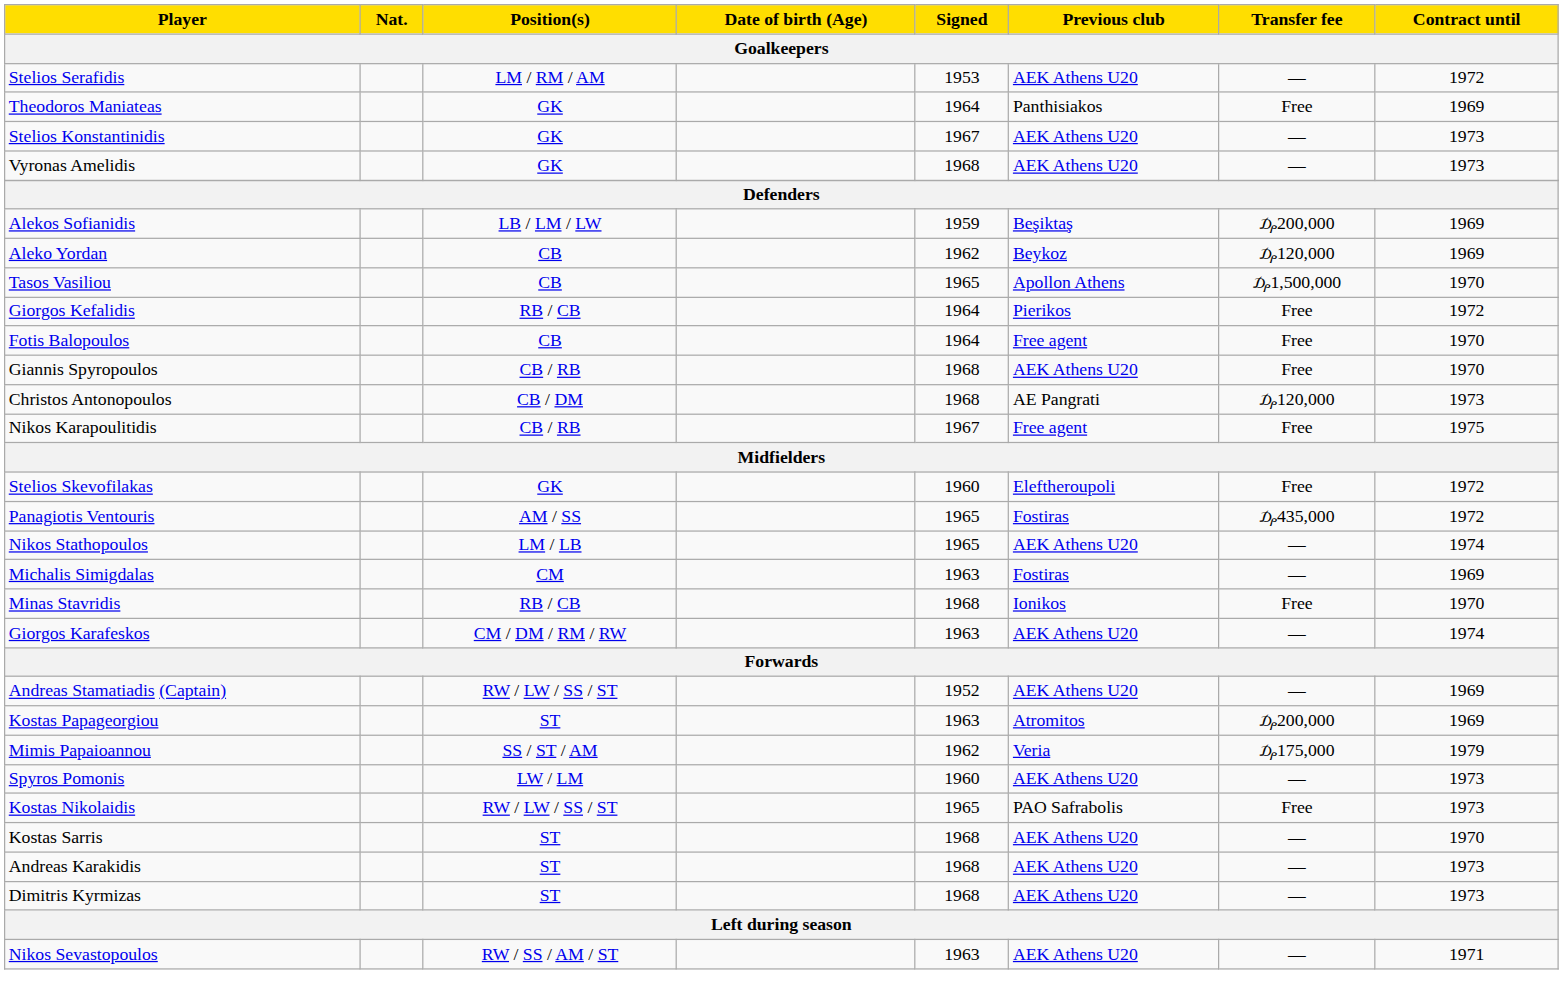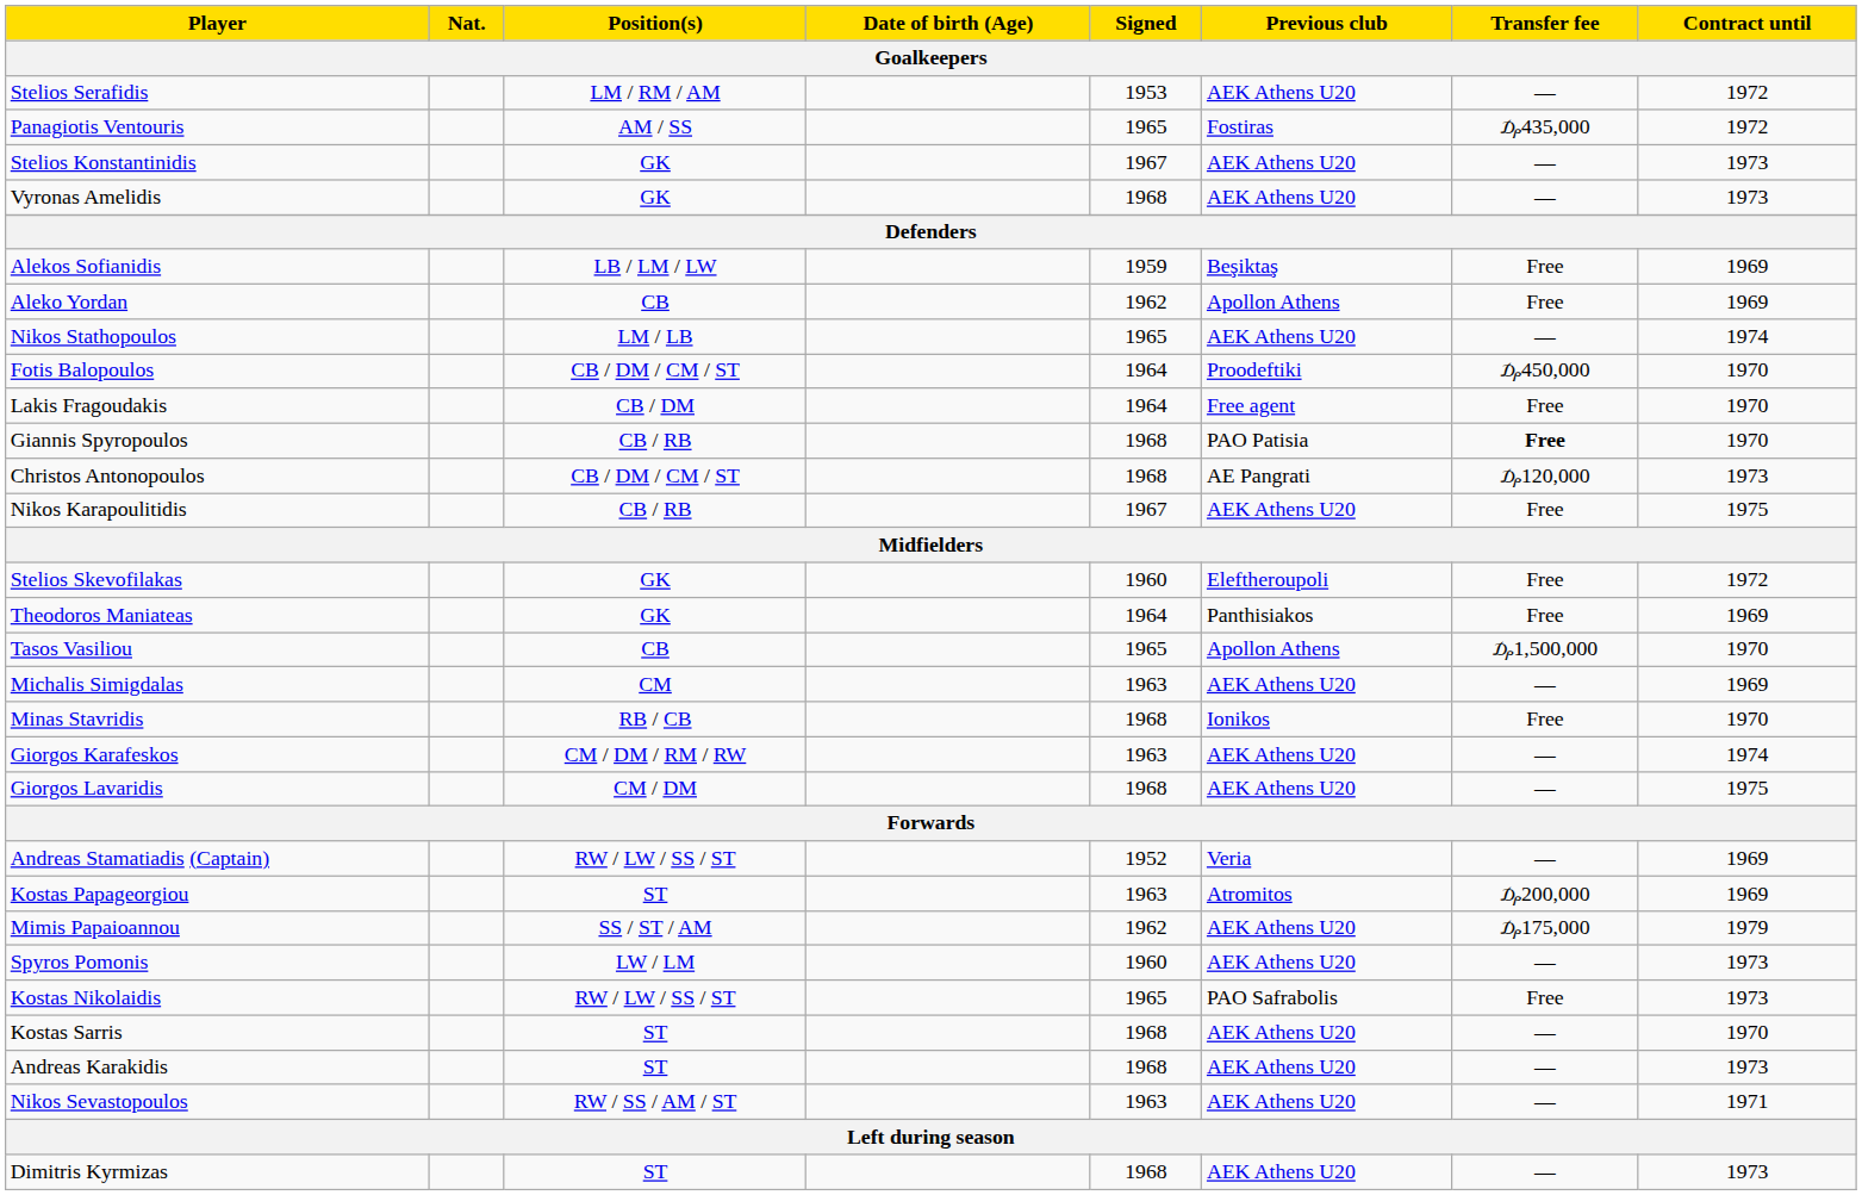 <table class="wikitable" style="text-align:center; font-size:90%;width:100%;">
 <tr>
 <th style="background:#FFDE00">Player</th>
 <th style="background:#FFDE00">Nat.</th>
 <th style="background:#FFDE00">Position(s)</th>
 <th style="background:#FFDE00">Date of birth (Age)</th>
 <th style="background:#FFDE00">Signed</th>
 <th style="background:#FFDE00">Previous club</th>
 <th style="background:#FFDE00">Transfer fee</th>
 <th style="background:#FFDE00">Contract until</th>
 </tr>
 <tr>
 <th colspan="8">Goalkeepers</th>
 </tr>
 <tr>
 <td align=left><a href='#'>Stelios Serafidis</a></td>
 <td></td>
 <td><a href='#'>LM</a> / <a href='#'>RM</a> / <a href='#'>AM</a></td>
 <td></td>
 <td>1953</td>
 <td align=left> <a href='#'>AEK Athens U20</a></td>
 <td>—</td>
 <td>1972</td>
 </tr>
 <tr>
-<td align=left><a href='#'>Theodoros Maniateas</a></td>
+<td align=left><a href='#'>Panagiotis Ventouris</a></td>
 <td></td>
-<td><a href='#'>GK</a></td>
+<td><a href='#'>AM</a> / <a href='#'>SS</a></td>
 <td></td>
-<td>1964</td>
-<td align=left> Panthisiakos</td>
-<td>Free</td>
-<td>1969</td>
+<td>1965</td>
+<td align=left> <a href='#'>Fostiras</a></td>
+<td>₯435,000</td>
+<td>1972</td>
 </tr>
 <tr>
 <td align=left><a href='#'>Stelios Konstantinidis</a></td>
 <td></td>
 <td><a href='#'>GK</a></td>
 <td></td>
 <td>1967</td>
 <td align=left> <a href='#'>AEK Athens U20</a></td>
 <td>—</td>
 <td>1973</td>
 </tr>
 <tr>
 <td align=left>Vyronas Amelidis</td>
 <td></td>
 <td><a href='#'>GK</a></td>
 <td></td>
 <td>1968</td>
 <td align=left> <a href='#'>AEK Athens U20</a></td>
 <td>—</td>
 <td>1973</td>
 </tr>
 <tr>
 </tr>
 <tr>
 <th colspan="8">Defenders</th>
 </tr>
 <tr>
 <td align=left><a href='#'>Alekos Sofianidis</a></td>
 <td></td>
 <td><a href='#'>LB</a> / <a href='#'>LM</a> / <a href='#'>LW</a></td>
 <td></td>
 <td>1959</td>
 <td align=left> <a href='#'>Beşiktaş</a></td>
-<td>₯200,000</td>
+<td>Free</td>
 <td>1969</td>
 </tr>
 <tr>
 <td align=left><a href='#'>Aleko Yordan</a></td>
 <td></td>
 <td><a href='#'>CB</a></td>
 <td></td>
 <td>1962</td>
-<td align=left> <a href='#'>Beykoz</a></td>
-<td>₯120,000</td>
+<td align=left> <a href='#'>Apollon Athens</a></td>
+<td>Free</td>
 <td>1969</td>
 </tr>
 <tr>
-<td align=left><a href='#'>Tasos Vasiliou</a></td>
+<td align=left><a href='#'>Nikos Stathopoulos</a></td>
 <td></td>
-<td><a href='#'>CB</a></td>
+<td><a href='#'>LM</a> / <a href='#'>LB</a></td>
 <td></td>
 <td>1965</td>
-<td align=left> <a href='#'>Apollon Athens</a></td>
-<td>₯1,500,000</td>
-<td>1970</td>
-</tr>
-<tr>
-<td align=left><a href='#'>Giorgos Kefalidis</a></td>
-<td></td>
-<td><a href='#'>RB</a> / <a href='#'>CB</a></td>
-<td></td>
-<td>1964</td>
-<td align=left> <a href='#'>Pierikos</a></td>
-<td>Free</td>
-<td>1972</td>
+<td align=left> <a href='#'>AEK Athens U20</a></td>
+<td>—</td>
+<td>1974</td>
 </tr>
 <tr>
 <td align=left><a href='#'>Fotis Balopoulos</a></td>
 <td></td>
-<td><a href='#'>CB</a></td>
+<td><a href='#'>CB</a> / <a href='#'>DM</a> / <a href='#'>CM</a> / <a href='#'>ST</a></td>
+<td></td>
+<td>1964</td>
+<td align=left> <a href='#'>Proodeftiki</a></td>
+<td>₯450,000</td>
+<td>1970</td>
+</tr>
+<tr>
+<td align=left>Lakis Fragoudakis</td>
+<td></td>
+<td><a href='#'>CB</a> / <a href='#'>DM</a></td>
 <td></td>
 <td>1964</td>
 <td align=left><a href='#'>Free agent</a></td>
 <td>Free</td>
 <td>1970</td>
 </tr>
 <tr>
 <td align=left>Giannis Spyropoulos</td>
 <td></td>
 <td><a href='#'>CB</a> / <a href='#'>RB</a></td>
 <td></td>
 <td>1968</td>
-<td align=left> <a href='#'>AEK Athens U20</a></td>
-<td>Free</td>
+<td align=left> PAO Patisia</td>
+<td><strong>Free</strong></td>
 <td>1970</td>
 </tr>
 <tr>
 <td align=left>Christos Antonopoulos</td>
 <td></td>
-<td><a href='#'>CB</a> / <a href='#'>DM</a></td>
+<td><a href='#'>CB</a> / <a href='#'>DM</a> / <a href='#'>CM</a> / <a href='#'>ST</a></td>
 <td></td>
 <td>1968</td>
 <td align=left> AE Pangrati</td>
 <td>₯120,000</td>
 <td>1973</td>
 </tr>
 <tr>
 <td align=left>Nikos Karapoulitidis</td>
 <td></td>
 <td><a href='#'>CB</a> / <a href='#'>RB</a></td>
 <td></td>
 <td>1967</td>
-<td align=left><a href='#'>Free agent</a></td>
+<td align=left> <a href='#'>AEK Athens U20</a></td>
 <td>Free</td>
 <td>1975</td>
 </tr>
 <tr>
 <th colspan="8">Midfielders</th>
 </tr>
 <tr>
 <td align=left><a href='#'>Stelios Skevofilakas</a></td>
 <td></td>
 <td><a href='#'>GK</a></td>
 <td></td>
 <td>1960</td>
 <td align=left> <a href='#'>Eleftheroupoli</a></td>
 <td>Free</td>
 <td>1972</td>
 </tr>
 <tr>
-<td align=left><a href='#'>Panagiotis Ventouris</a></td>
+<td align=left><a href='#'>Theodoros Maniateas</a></td>
 <td></td>
-<td><a href='#'>AM</a> / <a href='#'>SS</a></td>
+<td><a href='#'>GK</a></td>
+<td></td>
+<td>1964</td>
+<td align=left> Panthisiakos</td>
+<td>Free</td>
+<td>1969</td>
+</tr>
+<tr>
+<td align=left><a href='#'>Tasos Vasiliou</a></td>
+<td></td>
+<td><a href='#'>CB</a></td>
 <td></td>
 <td>1965</td>
-<td align=left> <a href='#'>Fostiras</a></td>
-<td>₯435,000</td>
-<td>1972</td>
-</tr>
-<tr>
-<td align=left><a href='#'>Nikos Stathopoulos</a></td>
-<td></td>
-<td><a href='#'>LM</a> / <a href='#'>LB</a></td>
-<td></td>
-<td>1965</td>
-<td align=left> <a href='#'>AEK Athens U20</a></td>
-<td>—</td>
-<td>1974</td>
+<td align=left> <a href='#'>Apollon Athens</a></td>
+<td>₯1,500,000</td>
+<td>1970</td>
 </tr>
 <tr>
 <td align=left><a href='#'>Michalis Simigdalas</a></td>
 <td></td>
 <td><a href='#'>CM</a></td>
 <td></td>
 <td>1963</td>
-<td align=left> <a href='#'>Fostiras</a></td>
+<td align=left> <a href='#'>AEK Athens U20</a></td>
 <td>—</td>
 <td>1969</td>
 </tr>
 <tr>
 <td align=left><a href='#'>Minas Stavridis</a></td>
 <td></td>
 <td><a href='#'>RB</a> / <a href='#'>CB</a></td>
 <td></td>
 <td>1968</td>
 <td align=left> <a href='#'>Ionikos</a></td>
 <td>Free</td>
 <td>1970</td>
 </tr>
 <tr>
 <td align=left><a href='#'>Giorgos Karafeskos</a></td>
 <td></td>
 <td><a href='#'>CM</a> / <a href='#'>DM</a> / <a href='#'>RM</a> / <a href='#'>RW</a></td>
 <td></td>
 <td>1963</td>
 <td align=left> <a href='#'>AEK Athens U20</a></td>
 <td>—</td>
 <td>1974</td>
 </tr>
 <tr>
+<td align=left><a href='#'>Giorgos Lavaridis</a></td>
+<td></td>
+<td><a href='#'>CM</a> / <a href='#'>DM</a></td>
+<td></td>
+<td>1968</td>
+<td align=left> <a href='#'>AEK Athens U20</a></td>
+<td>—</td>
+<td>1975</td>
+</tr>
+<tr>
 <th colspan="8">Forwards</th>
 </tr>
 <tr>
 <td align=left><a href='#'>Andreas Stamatiadis</a> <a href='#'>(Captain)</a></td>
 <td></td>
 <td><a href='#'>RW</a> / <a href='#'>LW</a> / <a href='#'>SS</a> / <a href='#'>ST</a></td>
 <td></td>
 <td>1952</td>
-<td align=left> <a href='#'>AEK Athens U20</a></td>
+<td align=left> <a href='#'>Veria</a></td>
 <td>—</td>
 <td>1969</td>
 </tr>
 <tr>
 <td align=left><a href='#'>Kostas Papageorgiou</a></td>
 <td></td>
 <td><a href='#'>ST</a></td>
 <td></td>
 <td>1963</td>
 <td align=left> <a href='#'>Atromitos</a></td>
 <td>₯200,000</td>
 <td>1969</td>
 </tr>
 <tr>
 <td align=left><a href='#'>Mimis Papaioannou</a></td>
 <td></td>
 <td><a href='#'>SS</a> / <a href='#'>ST</a> / <a href='#'>AM</a></td>
 <td></td>
 <td>1962</td>
-<td align=left> <a href='#'>Veria</a></td>
+<td align=left> <a href='#'>AEK Athens U20</a></td>
 <td>₯175,000</td>
 <td>1979</td>
 </tr>
 <tr>
 <td align=left><a href='#'>Spyros Pomonis</a></td>
 <td></td>
 <td><a href='#'>LW</a> / <a href='#'>LM</a></td>
 <td></td>
 <td>1960</td>
 <td align=left> <a href='#'>AEK Athens U20</a></td>
 <td>—</td>
 <td>1973</td>
 </tr>
 <tr>
 <td align=left><a href='#'>Kostas Nikolaidis</a></td>
 <td></td>
 <td><a href='#'>RW</a> / <a href='#'>LW</a> / <a href='#'>SS</a> / <a href='#'>ST</a></td>
 <td></td>
 <td>1965</td>
 <td align=left> PAO Safrabolis</td>
 <td>Free</td>
 <td>1973</td>
 </tr>
 <tr>
 <td align=left>Kostas Sarris</td>
 <td></td>
 <td><a href='#'>ST</a></td>
 <td></td>
 <td>1968</td>
 <td align=left> <a href='#'>AEK Athens U20</a></td>
 <td>—</td>
 <td>1970</td>
 </tr>
 <tr>
 <td align=left>Andreas Karakidis</td>
 <td></td>
 <td><a href='#'>ST</a></td>
 <td></td>
 <td>1968</td>
 <td align=left> <a href='#'>AEK Athens U20</a></td>
 <td>—</td>
 <td>1973</td>
 </tr>
 <tr>
+<td align=left><a href='#'>Nikos Sevastopoulos</a></td>
+<td></td>
+<td><a href='#'>RW</a> / <a href='#'>SS</a> / <a href='#'>AM</a> / <a href='#'>ST</a></td>
+<td></td>
+<td>1963</td>
+<td align=left> <a href='#'>AEK Athens U20</a></td>
+<td>—</td>
+<td>1971</td>
+</tr>
+<tr>
+<th colspan="8">Left during season</th>
+</tr>
+<tr>
 <td align=left>Dimitris Kyrmizas</td>
 <td></td>
 <td><a href='#'>ST</a></td>
 <td></td>
 <td>1968</td>
 <td align=left> <a href='#'>AEK Athens U20</a></td>
 <td>—</td>
 <td>1973</td>
 </tr>
-<tr>
-<th colspan="8">Left during season</th>
-</tr>
-<tr>
-<td align=left><a href='#'>Nikos Sevastopoulos</a></td>
-<td></td>
-<td><a href='#'>RW</a> / <a href='#'>SS</a> / <a href='#'>AM</a> / <a href='#'>ST</a></td>
-<td></td>
-<td>1963</td>
-<td align=left> <a href='#'>AEK Athens U20</a></td>
-<td>—</td>
-<td>1971</td>
-</tr>
 </table>
